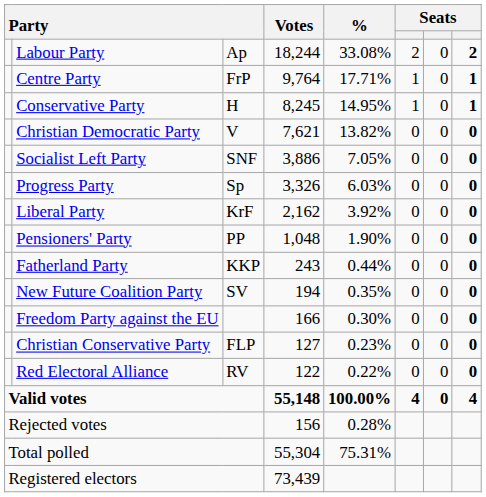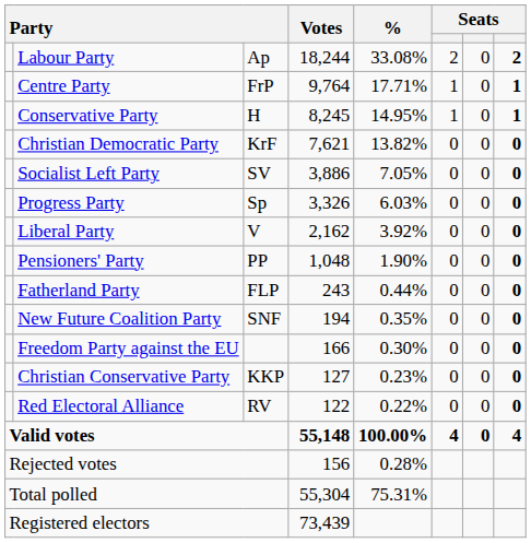 <table class="wikitable" border="1" style="text-align:right;">
 <tr>
 <th style="text-align:left;" valign=bottom rowspan=2 colspan=3>Party</th>
 <th align=center valign=bottom rowspan=2 width="50">Votes</th>
 <th align=center valign=bottom rowspan=2 width="50">%</th>
 <th colspan=3>Seats</th>
 </tr>
 <tr>
 <th align=center valign=bottom width="20"><small></small></th>
 <th align=center valign=bottom width="20"><small><a href='#'></a></small></th>
 <th align=center valign=bottom width="20"><small></small></th>
 </tr>
 <tr>
 <td style="color:inherit;background:"></td>
 <td align=left><a href='#'>Labour Party</a></td>
 <td align=left>Ap</td>
 <td>18,244</td>
 <td>33.08%</td>
 <td>2</td>
 <td>0</td>
 <td><strong>2</strong></td>
 </tr>
 <tr>
 <td style="color:inherit;background:"></td>
 <td align=left><a href='#'>Centre Party</a></td>
 <td align=left>FrP</td>
 <td>9,764</td>
 <td>17.71%</td>
 <td>1</td>
 <td>0</td>
 <td><strong>1</strong></td>
 </tr>
 <tr>
 <td style="color:inherit;background:"></td>
 <td align=left><a href='#'>Conservative Party</a></td>
 <td align=left>H</td>
 <td>8,245</td>
 <td>14.95%</td>
 <td>1</td>
 <td>0</td>
 <td><strong>1</strong></td>
 </tr>
 <tr>
 <td style="color:inherit;background:"></td>
 <td align=left><a href='#'>Christian Democratic Party</a></td>
-<td align=left>V</td>
+<td align=left>KrF</td>
 <td>7,621</td>
 <td>13.82%</td>
 <td>0</td>
 <td>0</td>
 <td><strong>0</strong></td>
 </tr>
 <tr>
 <td style="color:inherit;background:"></td>
 <td align=left><a href='#'>Socialist Left Party</a></td>
-<td align=left>SNF</td>
+<td align=left>SV</td>
 <td>3,886</td>
 <td>7.05%</td>
 <td>0</td>
 <td>0</td>
 <td><strong>0</strong></td>
 </tr>
 <tr>
 <td style="color:inherit;background:"></td>
 <td align=left><a href='#'>Progress Party</a></td>
 <td align=left>Sp</td>
 <td>3,326</td>
 <td>6.03%</td>
 <td>0</td>
 <td>0</td>
 <td><strong>0</strong></td>
 </tr>
 <tr>
 <td style="color:inherit;background:"></td>
 <td align=left><a href='#'>Liberal Party</a></td>
-<td align=left>KrF</td>
+<td align=left>V</td>
 <td>2,162</td>
 <td>3.92%</td>
 <td>0</td>
 <td>0</td>
 <td><strong>0</strong></td>
 </tr>
 <tr>
 <td style="color:inherit;background:"></td>
 <td align=left><a href='#'>Pensioners' Party</a></td>
 <td align=left>PP</td>
 <td>1,048</td>
 <td>1.90%</td>
 <td>0</td>
 <td>0</td>
 <td><strong>0</strong></td>
 </tr>
 <tr>
 <td style="color:inherit;background:"></td>
 <td align=left><a href='#'>Fatherland Party</a></td>
-<td align=left>KKP</td>
+<td align=left>FLP</td>
 <td>243</td>
 <td>0.44%</td>
 <td>0</td>
 <td>0</td>
 <td><strong>0</strong></td>
 </tr>
 <tr>
 <td style="color:inherit;background:"></td>
 <td align=left><a href='#'>New Future Coalition Party</a></td>
-<td align=left>SV</td>
+<td align=left>SNF</td>
 <td>194</td>
 <td>0.35%</td>
 <td>0</td>
 <td>0</td>
 <td><strong>0</strong></td>
 </tr>
 <tr>
 <td></td>
 <td align=left><a href='#'>Freedom Party against the EU</a></td>
 <td align=left></td>
 <td>166</td>
 <td>0.30%</td>
 <td>0</td>
 <td>0</td>
 <td><strong>0</strong></td>
 </tr>
 <tr>
 <td style="color:inherit;background:"></td>
 <td align=left><a href='#'>Christian Conservative Party</a></td>
-<td align=left>FLP</td>
+<td align=left>KKP</td>
 <td>127</td>
 <td>0.23%</td>
 <td>0</td>
 <td>0</td>
 <td><strong>0</strong></td>
 </tr>
 <tr>
 <td style="color:inherit;background:"></td>
 <td align=left><a href='#'>Red Electoral Alliance</a></td>
 <td align=left>RV</td>
 <td>122</td>
 <td>0.22%</td>
 <td>0</td>
 <td>0</td>
 <td><strong>0</strong></td>
 </tr>
 <tr style="font-weight:bold">
 <td align=left colspan=3>Valid votes</td>
 <td>55,148</td>
 <td>100.00%</td>
 <td>4</td>
 <td>0</td>
 <td>4</td>
 </tr>
 <tr>
 <td align=left colspan=3>Rejected votes</td>
 <td>156</td>
 <td>0.28%</td>
 <td></td>
 <td></td>
 <td></td>
 </tr>
 <tr>
 <td align=left colspan=3>Total polled</td>
 <td>55,304</td>
 <td>75.31%</td>
 <td></td>
 <td></td>
 <td></td>
 </tr>
 <tr>
 <td align=left colspan=3>Registered electors</td>
 <td>73,439</td>
 <td></td>
 <td></td>
 <td></td>
 <td></td>
 </tr>
 </table>
